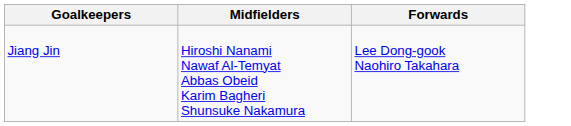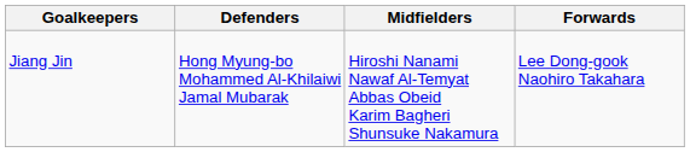 <table class="wikitable">
 <tr>
 <th width="25%">Goalkeepers</th>
+<th width="25%">Defenders</th>
 <th width="25%">Midfielders</th>
 <th width="25%">Forwards</th>
 </tr>
 <tr>
 <td align=left valign=top><br> <a href='#'>Jiang Jin</a></td>
+<td align=left valign=top><br> <a href='#'>Hong Myung-bo</a> <br>  <a href='#'>Mohammed Al-Khilaiwi</a> <br>  <a href='#'>Jamal Mubarak</a></td>
 <td align=left valign=top><br> <a href='#'>Hiroshi Nanami</a> <br>  <a href='#'>Nawaf Al-Temyat</a> <br>  <a href='#'>Abbas Obeid</a> <br>  <a href='#'>Karim Bagheri</a> <br>  <a href='#'>Shunsuke Nakamura</a></td>
 <td align=left valign=top><br> <a href='#'>Lee Dong-gook</a> <br>  <a href='#'>Naohiro Takahara</a></td>
 </tr>
 </table>
